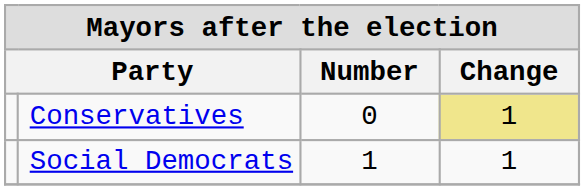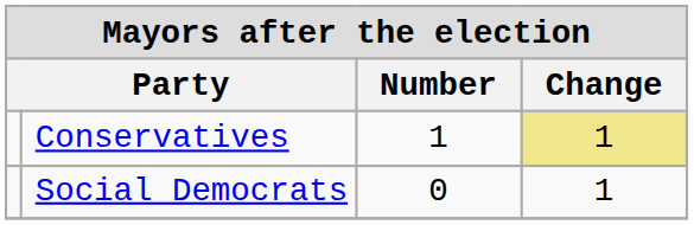 <table class="wikitable" style="">
 <tr>
 <td colspan="4" style="background:#dddddd; text-align:center;"><strong>Mayors after the election</strong></td>
 </tr>
 <tr>
 <th colspan="2">Party</th>
 <th style="width:60px;">Number</th>
 <th style="width:60px;">Change</th>
 </tr>
 <tr>
 <td style="background:"></td>
 <td style="padding-left:5px;"><a href='#'>Conservatives</a></td>
-<td style="text-align:center;">0</td>
+<td style="text-align:center;">1</td>
 <td style="background: khaki; text-align:center;"> 1</td>
 </tr>
 <tr>
 <td style="background:"></td>
 <td style="padding-left:5px;"><a href='#'>Social Democrats</a></td>
-<td style="text-align:center;">1</td>
+<td style="text-align:center;">0</td>
 <td style="text-align:center;"> 1</td>
 </tr>
 <tr>
 </tr>
 </table>
